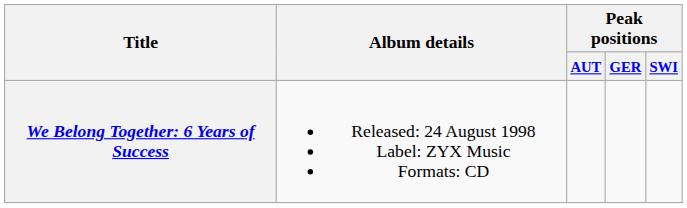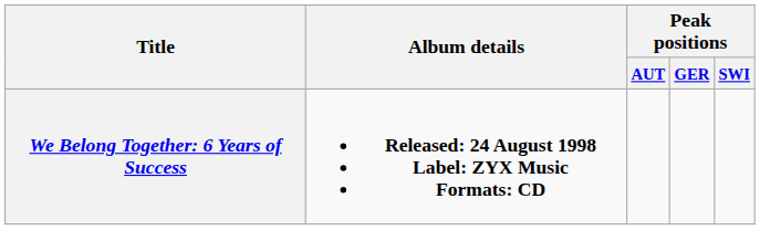 <table class="wikitable plainrowheaders" style="text-align:center;" border="1">
 <tr>
 <th scope="col" rowspan="2" style="width:15em;">Title</th>
 <th scope="col" rowspan="2" style="width:16em;">Album details</th>
 <th scope="col" colspan="3">Peak positions</th>
 </tr>
 <tr>
 <th width="25"><small><a href='#'>AUT</a></small></th>
 <th width="25"><small><a href='#'>GER</a></small></th>
 <th width="25"><small><a href='#'>SWI</a></small></th>
 </tr>
 <tr>
 <th scope="row"><em><a href='#'>We Belong Together: 6 Years of Success</a></em></th>
-<td><br><ul><li>Released: 24 August 1998</li><li>Label: ZYX Music</li><li>Formats: CD</li></ul></td>
+<td><strong><br><ul><li>Released: 24 August 1998</li><li>Label: ZYX Music</li><li>Formats: CD</li></ul></strong></td>
 <td></td>
 <td></td>
 <td></td>
 </tr>
 </table>
